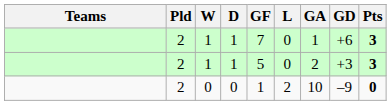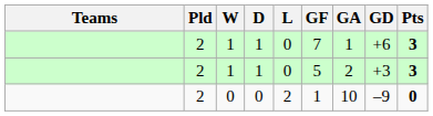 <table class="wikitable" style="text-align: center;">
 <tr>
 <th width=165>Teams</th>
 <th width=20>Pld</th>
 <th width=20>W</th>
 <th width=20>D</th>
+<th width=20>L</th>
 <th width=20>GF</th>
-<th width=20>L</th>
 <th width=20>GA</th>
 <th width=20>GD</th>
 <th width=20>Pts</th>
 </tr>
 <tr align=center style="background:#ccffcc;">
 <td style="text-align:left;"></td>
 <td>2</td>
 <td>1</td>
 <td>1</td>
+<td>0</td>
 <td>7</td>
-<td>0</td>
 <td>1</td>
 <td>+6</td>
 <td><strong>3</strong></td>
 </tr>
 <tr align=center style="background:#ccffcc;">
 <td style="text-align:left;"></td>
 <td>2</td>
 <td>1</td>
 <td>1</td>
+<td>0</td>
 <td>5</td>
-<td>0</td>
 <td>2</td>
 <td>+3</td>
 <td><strong>3</strong></td>
 </tr>
 <tr align=center>
 <td style="text-align:left;"></td>
 <td>2</td>
 <td>0</td>
 <td>0</td>
+<td>2</td>
 <td>1</td>
-<td>2</td>
 <td>10</td>
 <td>–9</td>
 <td><strong>0</strong></td>
 </tr>
 </table>
